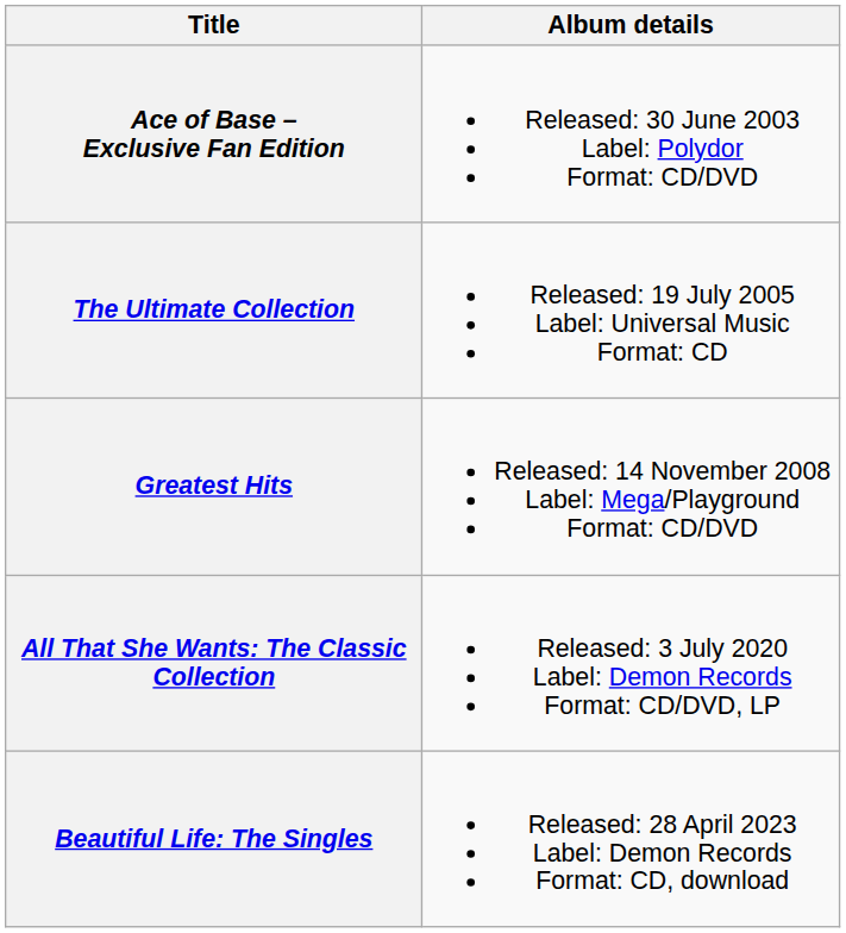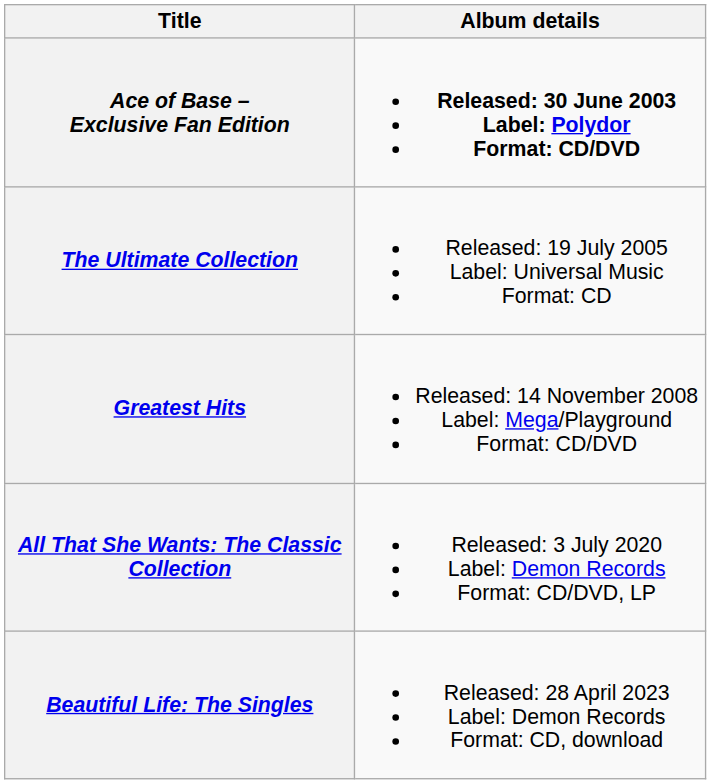 <table class="wikitable plainrowheaders" style="text-align:center;">
 <tr>
 <th scope="col" style="width:16em;">Title</th>
 <th scope="col" style="width:16em;">Album details</th>
 </tr>
 <tr>
 <th scope="row"><em>Ace of Base –<br>Exclusive Fan Edition</em></th>
-<td><br><ul><li>Released: 30 June 2003</li><li>Label: <a href='#'>Polydor</a></li><li>Format: CD/DVD</li></ul></td>
+<td><strong><br><ul><li>Released: 30 June 2003</li><li>Label: <a href='#'>Polydor</a></li><li>Format: CD/DVD</li></ul></strong></td>
 </tr>
 <tr>
 <th scope="row"><em><a href='#'>The Ultimate Collection</a></em></th>
 <td><br><ul><li>Released: 19 July 2005</li><li>Label: Universal Music</li><li>Format: CD</li></ul></td>
 </tr>
 <tr>
 <th scope="row"><em><a href='#'>Greatest Hits</a></em></th>
 <td><br><ul><li>Released: 14 November 2008</li><li>Label: <a href='#'>Mega</a>/Playground</li><li>Format: CD/DVD</li></ul></td>
 </tr>
 <tr>
 <th scope="row"><em><a href='#'>All That She Wants: The Classic Collection</a></em></th>
 <td><br><ul><li>Released: 3 July 2020</li><li>Label: <a href='#'>Demon Records</a></li><li>Format: CD/DVD, LP</li></ul></td>
 </tr>
 <tr>
 <th scope="row"><em><a href='#'>Beautiful Life: The Singles</a></em></th>
 <td><br><ul><li>Released: 28 April 2023</li><li>Label: Demon Records</li><li>Format: CD, download</li></ul></td>
 </tr>
 </table>
